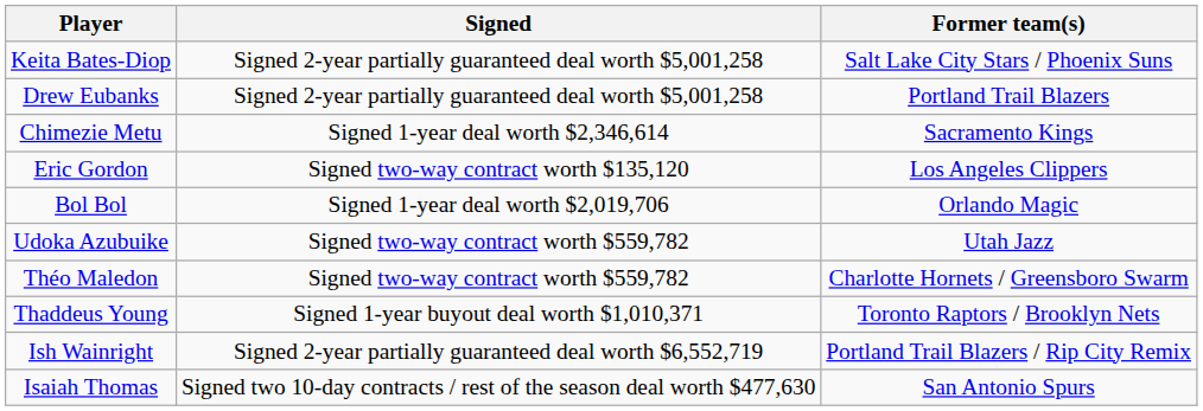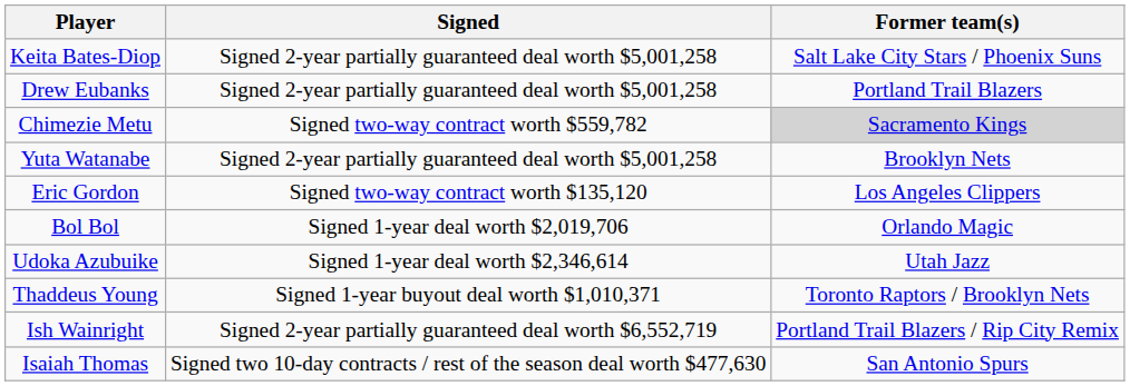 <table class="wikitable sortable sortable">
 <tr>
 <th>Player</th>
 <th>Signed</th>
 <th>Former team(s)</th>
 </tr>
 <tr style="text-align: center">
 <td><a href='#'>Keita Bates-Diop</a></td>
 <td>Signed 2-year partially guaranteed deal worth $5,001,258</td>
 <td><a href='#'>Salt Lake City Stars</a> / <a href='#'>Phoenix Suns</a></td>
 </tr>
 <tr style="text-align: center">
 <td><a href='#'>Drew Eubanks</a></td>
 <td>Signed 2-year partially guaranteed deal worth $5,001,258</td>
 <td><a href='#'>Portland Trail Blazers</a></td>
 </tr>
 <tr style="text-align: center">
 <td><a href='#'>Chimezie Metu</a></td>
-<td>Signed 1-year deal worth $2,346,614</td>
-<td><a href='#'>Sacramento Kings</a></td>
+<td>Signed <a href='#'>two-way contract</a> worth $559,782</td>
+<td style="background: lightgrey;"><a href='#'>Sacramento Kings</a></td>
+</tr>
+<tr style="text-align: center">
+<td><a href='#'>Yuta Watanabe</a></td>
+<td>Signed 2-year partially guaranteed deal worth $5,001,258</td>
+<td><a href='#'>Brooklyn Nets</a></td>
 </tr>
 <tr style="text-align: center">
 <td><a href='#'>Eric Gordon</a></td>
 <td>Signed <a href='#'>two-way contract</a> worth $135,120</td>
 <td><a href='#'>Los Angeles Clippers</a></td>
 </tr>
 <tr style="text-align: center">
 <td><a href='#'>Bol Bol</a></td>
 <td>Signed 1-year deal worth $2,019,706</td>
 <td><a href='#'>Orlando Magic</a></td>
 </tr>
 <tr style="text-align: center">
 <td><a href='#'>Udoka Azubuike</a></td>
-<td>Signed <a href='#'>two-way contract</a> worth $559,782</td>
+<td>Signed 1-year deal worth $2,346,614</td>
 <td><a href='#'>Utah Jazz</a></td>
-</tr>
-<tr style="text-align: center">
-<td><a href='#'>Théo Maledon</a></td>
-<td>Signed <a href='#'>two-way contract</a> worth $559,782</td>
-<td><a href='#'>Charlotte Hornets</a> / <a href='#'>Greensboro Swarm</a></td>
 </tr>
 <tr style="text-align: center">
 <td><a href='#'>Thaddeus Young</a></td>
 <td>Signed 1-year buyout deal worth $1,010,371</td>
 <td> <a href='#'>Toronto Raptors</a> / <a href='#'>Brooklyn Nets</a></td>
 </tr>
 <tr style="text-align: center">
 <td><a href='#'>Ish Wainright</a></td>
 <td>Signed 2-year partially guaranteed deal worth $6,552,719</td>
 <td><a href='#'>Portland Trail Blazers</a> / <a href='#'>Rip City Remix</a></td>
 </tr>
 <tr style="text-align: center">
 <td><a href='#'>Isaiah Thomas</a></td>
 <td>Signed two 10-day contracts / rest of the season deal worth $477,630</td>
 <td><a href='#'>San Antonio Spurs</a></td>
 </tr>
 </table>
